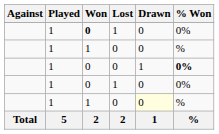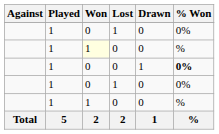 <table class="sortable wikitable" style="font-size: 87%;">
 <tr>
 <th>Against</th>
 <th>Played</th>
 <th>Won</th>
 <th>Lost</th>
 <th>Drawn</th>
 <th>% Won</th>
 </tr>
 <tr bgcolor="#d0ffd0" align="center">
 </tr>
 <tr>
 <td align="left"></td>
 <td>1</td>
-<td><strong>0</strong></td>
+<td>0</td>
 <td>1</td>
 <td>0</td>
 <td>0%</td>
 </tr>
 <tr>
 <td align="left"></td>
 <td>1</td>
-<td>1</td>
+<td style="background: lightyellow;">1</td>
 <td>0</td>
 <td>0</td>
 <td>%</td>
 </tr>
 <tr>
 <td align="left"></td>
 <td>1</td>
 <td>0</td>
 <td>0</td>
 <td>1</td>
 <td><strong>0%</strong></td>
 </tr>
 <tr>
 <td align="left"></td>
 <td>1</td>
 <td>0</td>
 <td>1</td>
 <td>0</td>
 <td>0%</td>
 </tr>
 <tr>
 <td align="left"></td>
 <td>1</td>
 <td>1</td>
 <td>0</td>
-<td style="background: lightyellow;">0</td>
+<td>0</td>
 <td>%</td>
 </tr>
 <tr>
 <th>Total</th>
 <th><strong>5</strong></th>
 <th><strong>2</strong></th>
 <th><strong>2</strong></th>
 <th><strong>1</strong></th>
 <th><strong>%</strong></th>
 </tr>
 </table>
